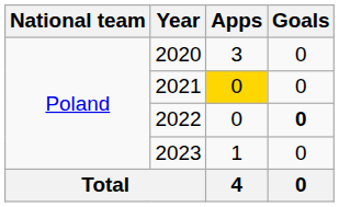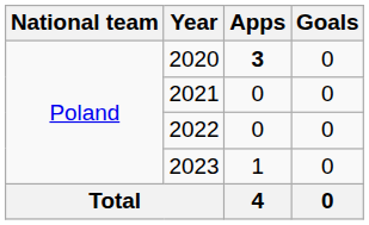 <table class="wikitable" style="text-align: center;">
 <tr>
 <th>National team</th>
 <th>Year</th>
 <th>Apps</th>
 <th>Goals</th>
 </tr>
 <tr>
 <td rowspan="4"><a href='#'>Poland</a></td>
 <td>2020</td>
-<td>3</td>
+<td><strong>3</strong></td>
 <td>0</td>
 </tr>
 <tr>
 <td>2021</td>
-<td style="background: gold;">0</td>
+<td>0</td>
 <td>0</td>
 </tr>
 <tr>
 <td>2022</td>
 <td>0</td>
-<td><strong>0</strong></td>
+<td>0</td>
 </tr>
 <tr>
 <td>2023</td>
 <td>1</td>
 <td>0</td>
 </tr>
 <tr>
 <th colspan="2">Total</th>
 <th>4</th>
 <th>0</th>
 </tr>
 </table>
